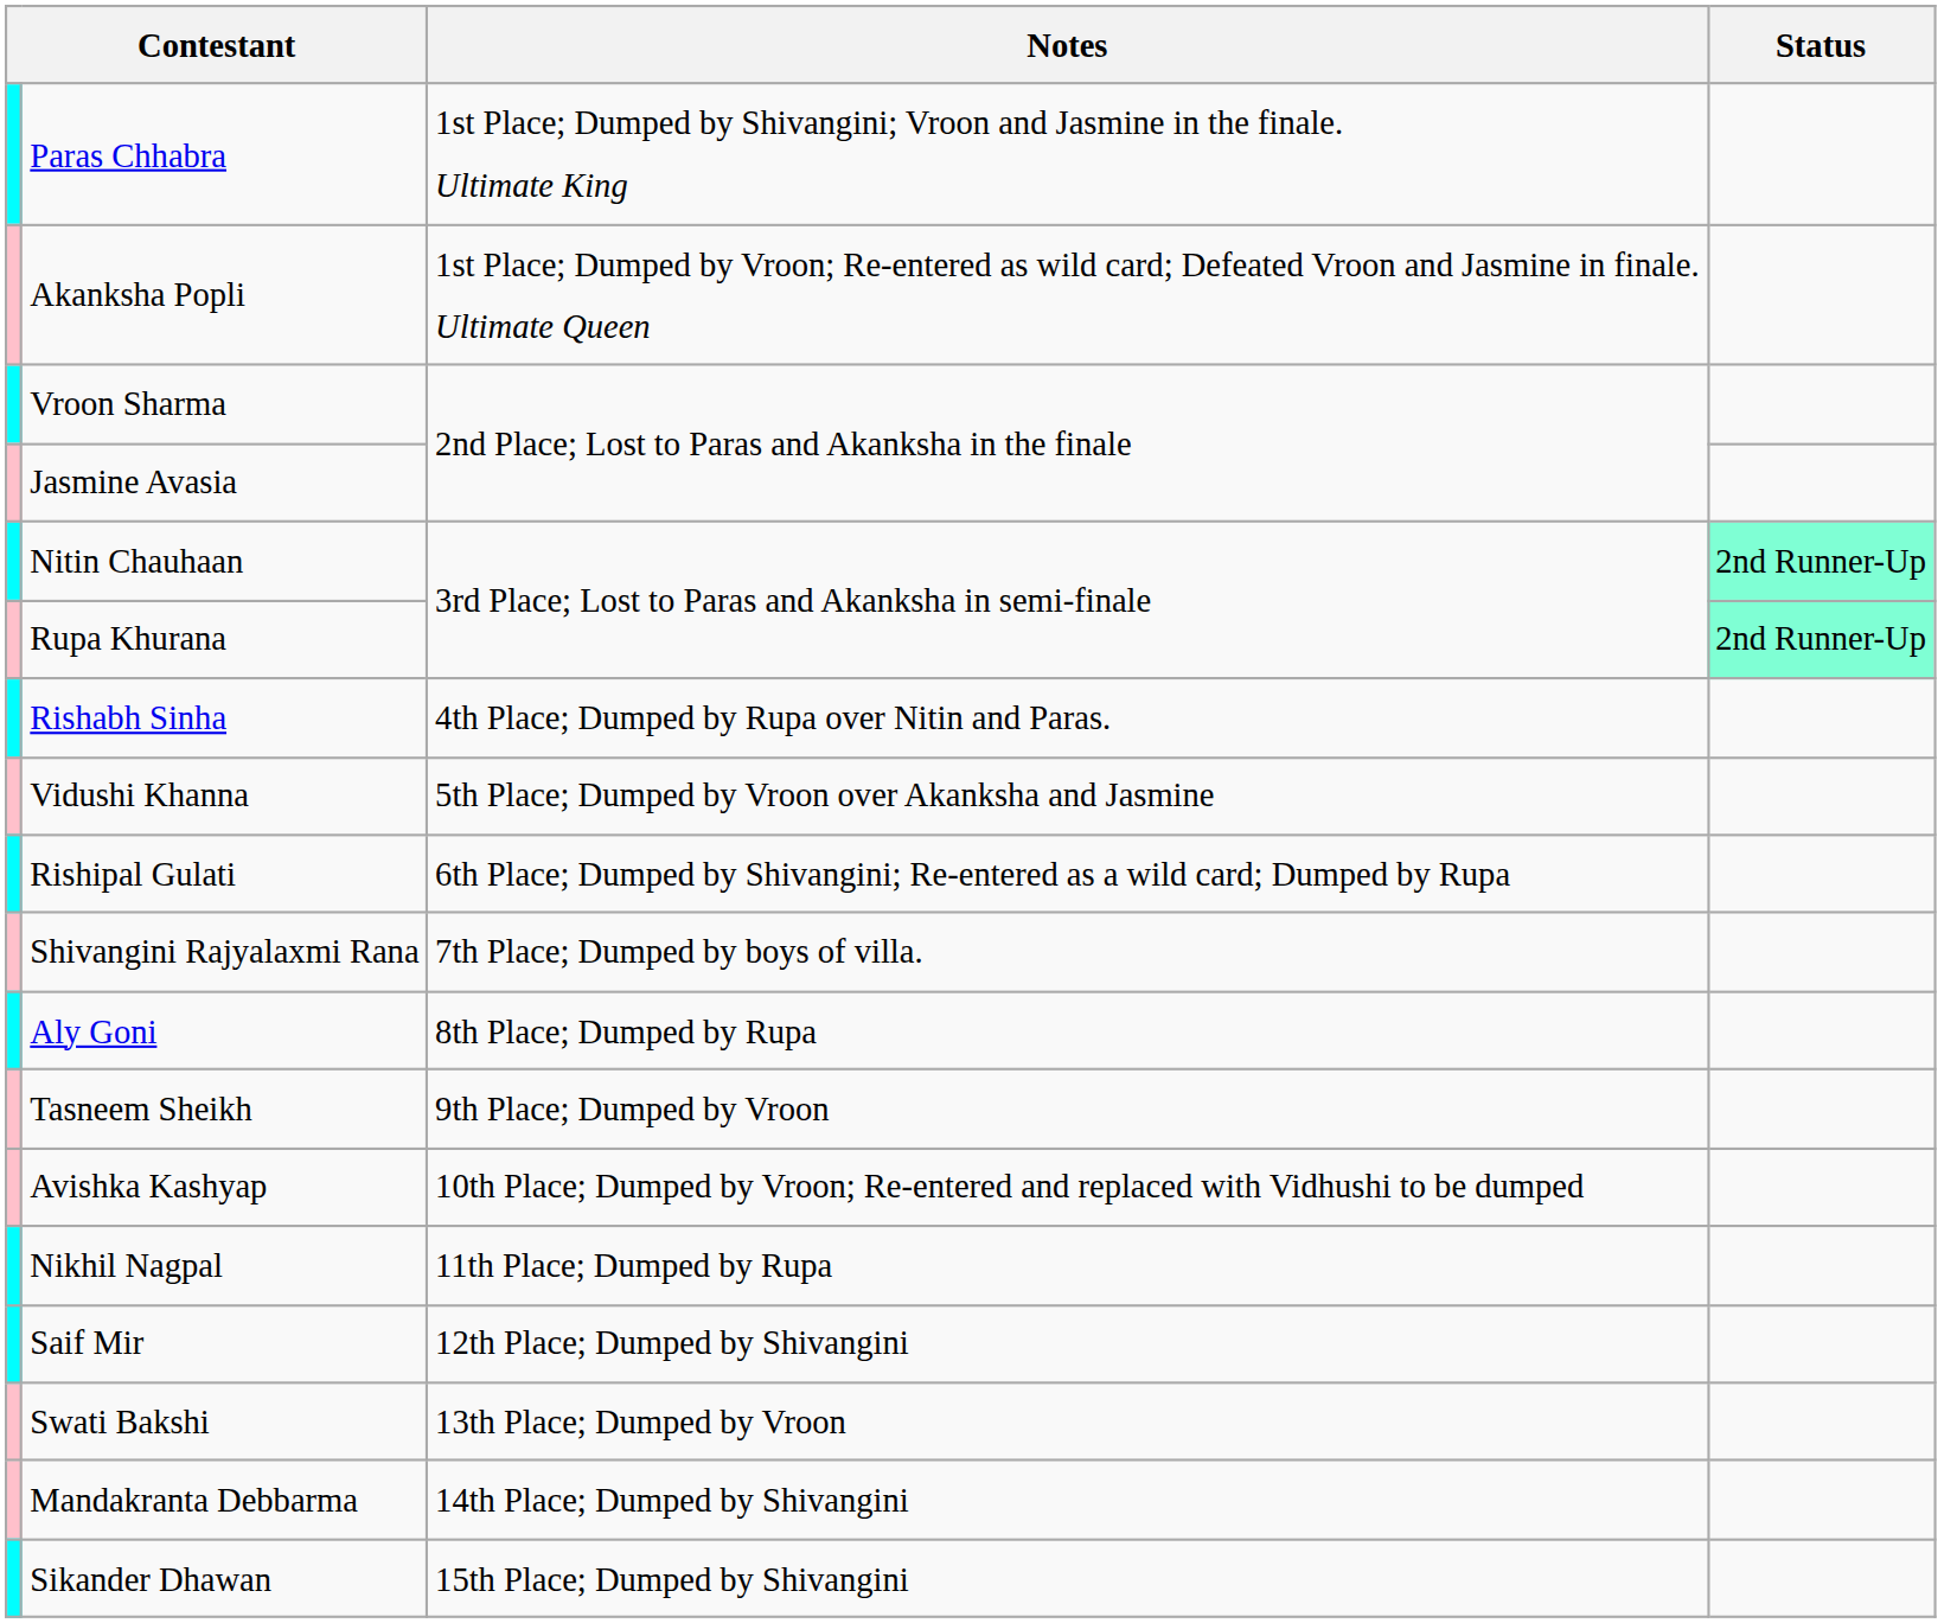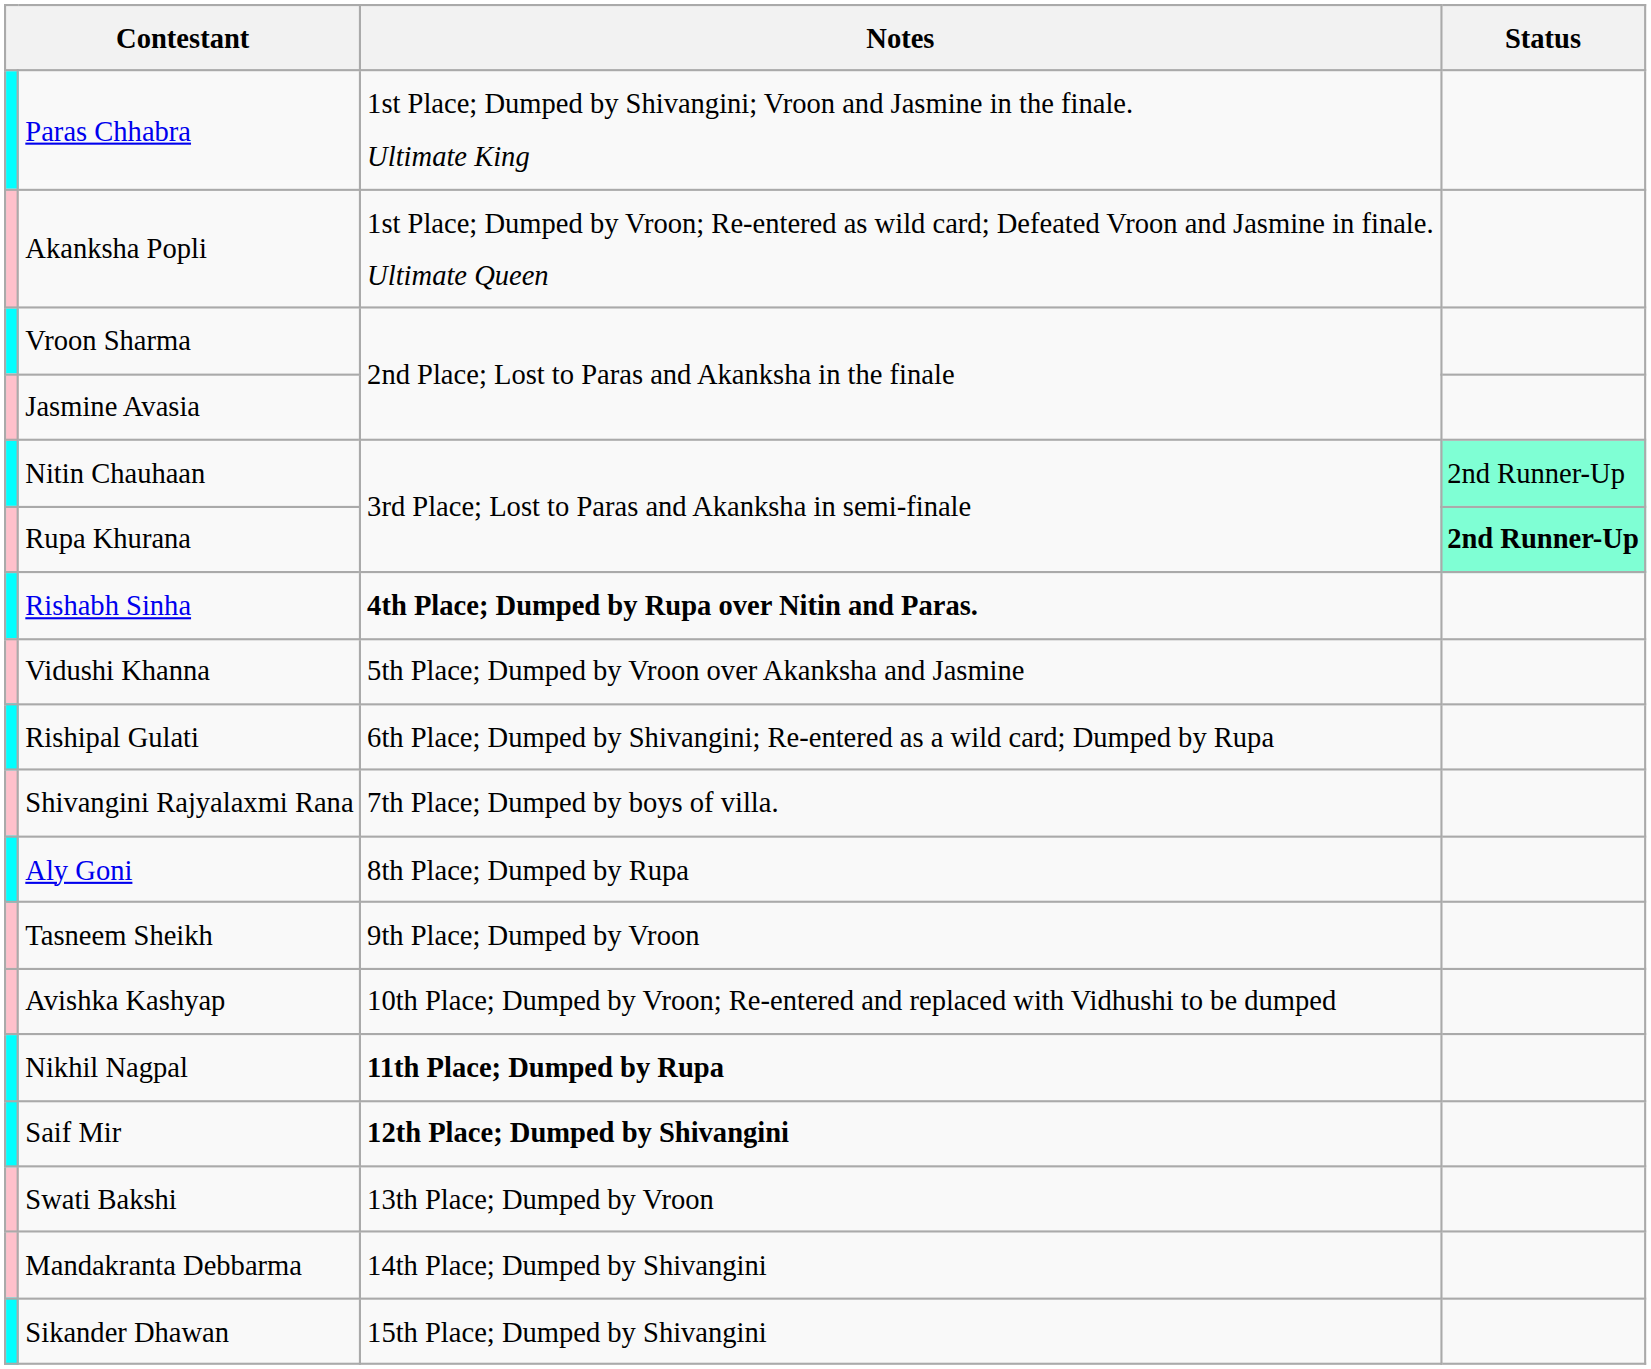 <table class="wikitable sortable" style="font-size:85%;  line-height:25px; width:auto;">
 <tr>
 <th colspan="2">Contestant</th>
 <th scope="col">Notes</th>
 <th scope="col">Status</th>
 </tr>
 <tr>
 <th style="background:#00FFFF;"></th>
 <td><a href='#'>Paras Chhabra</a></td>
 <td>1st Place; Dumped by Shivangini;  Vroon and Jasmine in the finale. <br><em> Ultimate King</em></td>
 <td></td>
 </tr>
 <tr>
 <th style="background:#FFC0CB;"></th>
 <td>Akanksha Popli</td>
 <td>1st Place; Dumped by Vroon; Re-entered as wild card; Defeated Vroon and Jasmine in finale. <br><em>Ultimate Queen</em></td>
 <td></td>
 </tr>
 <tr>
 <th style="background:#00FFFF;"></th>
 <td>Vroon Sharma</td>
 <td Rowspan =2>2nd Place; Lost to Paras and Akanksha in the finale</td>
 <td></td>
 </tr>
 <tr>
 <th style="background:#FFC0CB;"></th>
 <td>Jasmine Avasia</td>
 <td></td>
 </tr>
 <tr>
 <th style="background:#00FFFF;"></th>
 <td>Nitin Chauhaan</td>
 <td Rowspan =2>3rd Place; Lost to Paras and Akanksha in semi-finale</td>
 <td style="background:#7FFFD4;">2nd Runner-Up</td>
 </tr>
 <tr>
 <th style="background:#FFC0CB;"></th>
 <td>Rupa Khurana</td>
-<td style="background:#7FFFD4;">2nd Runner-Up</td>
+<td style="background:#7FFFD4;"><strong>2nd Runner-Up</strong></td>
 </tr>
 <tr>
 <th style="background:#00FFFF;"></th>
 <td><a href='#'>Rishabh Sinha</a></td>
-<td>4th Place; Dumped by Rupa over Nitin and Paras.</td>
+<td><strong>4th Place; Dumped by Rupa over Nitin and Paras.</strong></td>
 <td></td>
 </tr>
 <tr>
 <th style="background:#FFC0CB;"></th>
 <td>Vidushi Khanna</td>
 <td>5th Place; Dumped by Vroon over Akanksha and Jasmine</td>
 <td></td>
 </tr>
 <tr>
 <th style="background:#00FFFF;"></th>
 <td>Rishipal Gulati</td>
 <td>6th Place; Dumped by Shivangini; Re-entered as a wild card; Dumped by Rupa</td>
 <td></td>
 </tr>
 <tr>
 <th style="background:#FFC0CB;"></th>
 <td>Shivangini Rajyalaxmi Rana</td>
 <td>7th Place; Dumped by boys of villa.</td>
 <td></td>
 </tr>
 <tr>
 <th style="background:#00FFFF;"></th>
 <td><a href='#'>Aly Goni</a></td>
 <td>8th Place; Dumped by Rupa</td>
 <td></td>
 </tr>
 <tr>
 <th style="background:#FFC0CB;"></th>
 <td>Tasneem Sheikh</td>
 <td>9th Place; Dumped by Vroon</td>
 <td></td>
 </tr>
 <tr>
 <th style="background:#FFC0CB;"></th>
 <td>Avishka Kashyap</td>
 <td>10th Place; Dumped by Vroon; Re-entered and replaced with Vidhushi to be dumped</td>
 <td></td>
 </tr>
 <tr>
 <th style="background:#00FFFF;"></th>
 <td>Nikhil Nagpal</td>
-<td>11th Place; Dumped by Rupa</td>
+<td><strong>11th Place; Dumped by Rupa</strong></td>
 <td></td>
 </tr>
 <tr>
 <th style="background:#00FFFF;"></th>
 <td>Saif Mir</td>
-<td>12th Place; Dumped by Shivangini</td>
+<td><strong>12th Place; Dumped by Shivangini</strong></td>
 <td></td>
 </tr>
 <tr>
 <th style="background:#FFC0CB;"></th>
 <td>Swati Bakshi</td>
 <td>13th Place; Dumped by Vroon</td>
 <td></td>
 </tr>
 <tr>
 <th style="background:#FFC0CB;"></th>
 <td>Mandakranta Debbarma</td>
 <td>14th Place; Dumped by Shivangini</td>
 <td></td>
 </tr>
 <tr>
 <th style="background:#00FFFF;"></th>
 <td>Sikander Dhawan</td>
 <td>15th Place; Dumped by Shivangini</td>
 <td></td>
 </tr>
 </table>
